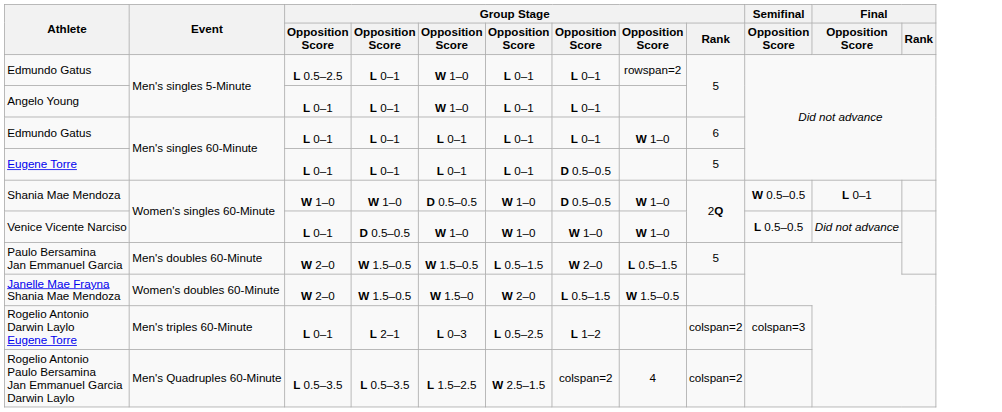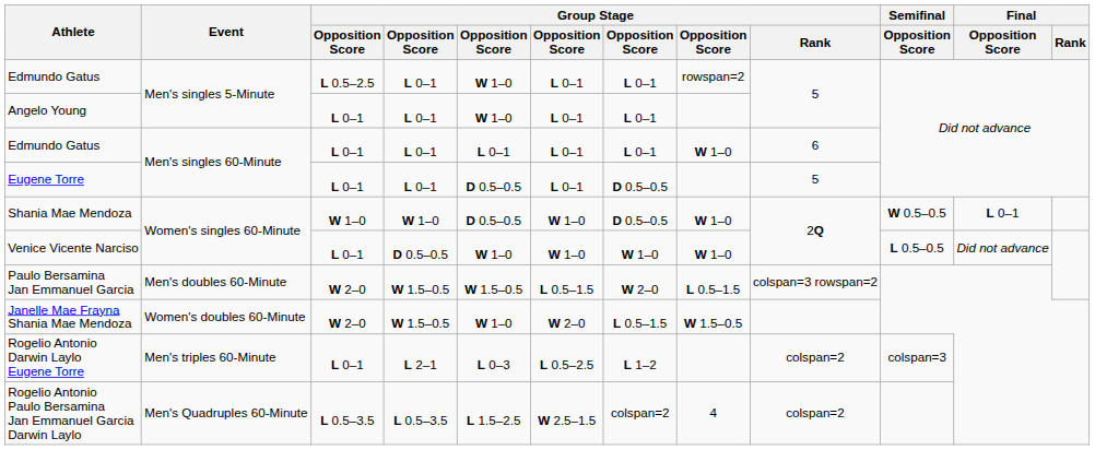 <table class="wikitable" style="font-size:90%">
 <tr>
 <th rowspan=2>Athlete</th>
 <th rowspan=2>Event</th>
 <th colspan=7>Group Stage</th>
 <th>Semifinal</th>
 <th colspan=2>Final</th>
 </tr>
 <tr style="font-size:70", align="center">
 <th>Opposition<br>Score</th>
 <th>Opposition<br>Score</th>
 <th>Opposition<br>Score</th>
 <th>Opposition<br>Score</th>
 <th>Opposition<br>Score</th>
 <th>Opposition<br>Score</th>
 <th>Rank</th>
 <th>Opposition<br>Score</th>
 <th>Opposition<br>Score</th>
 <th>Rank</th>
 </tr>
 <tr align=center>
 <td align=left>Edmundo Gatus</td>
 <td rowspan=2 align=left>Men's singles 5-Minute</td>
 <td><br><strong>L</strong> 0.5–2.5</td>
 <td><br><strong>L</strong> 0–1</td>
 <td><br><strong>W</strong> 1–0</td>
 <td><br><strong>L</strong> 0–1</td>
 <td><br><strong>L</strong> 0–1</td>
 <td>rowspan=2 </td>
 <td rowspan=2>5</td>
 <td colspan=3 rowspan=4><em>Did not advance</em></td>
 </tr>
 <tr align=center>
 <td align=left>Angelo Young</td>
 <td><br><strong>L</strong> 0–1</td>
 <td><br><strong>L</strong> 0–1</td>
 <td><br><strong>W</strong> 1–0</td>
 <td><br><strong>L</strong> 0–1</td>
 <td><br><strong>L</strong> 0–1</td>
 </tr>
 <tr align=center>
 <td align=left>Edmundo Gatus</td>
 <td rowspan=2 align=left>Men's singles 60-Minute</td>
 <td><br><strong>L</strong> 0–1</td>
 <td><br><strong>L</strong> 0–1</td>
 <td><br><strong>L</strong> 0–1</td>
 <td><br><strong>L</strong> 0–1</td>
 <td><br><strong>L</strong> 0–1</td>
 <td><br><strong>W</strong> 1–0</td>
 <td>6</td>
 </tr>
 <tr align=center>
 <td align=left><a href='#'>Eugene Torre</a></td>
 <td><br><strong>L</strong> 0–1</td>
 <td><br><strong>L</strong> 0–1</td>
-<td><br><strong>L</strong> 0–1</td>
+<td><br><strong>D</strong> 0.5–0.5</td>
 <td><br><strong>L</strong> 0–1</td>
 <td><br><strong>D</strong> 0.5–0.5</td>
 <td></td>
 <td>5</td>
 </tr>
 <tr align=center>
 <td align=left>Shania Mae Mendoza</td>
 <td rowspan=2 align=left>Women's singles 60-Minute</td>
 <td><br><strong>W</strong> 1–0</td>
 <td><br><strong>W</strong> 1–0</td>
 <td><br><strong>D</strong> 0.5–0.5</td>
 <td><br><strong>W</strong> 1–0</td>
 <td><br><strong>D</strong> 0.5–0.5</td>
 <td><br><strong>W</strong> 1–0</td>
 <td rowspan=2>2<strong>Q</strong></td>
 <td><strong>W</strong> 0.5–0.5</td>
 <td><strong>L</strong> 0–1</td>
 <td></td>
 </tr>
 <tr align=center>
 <td align=left>Venice Vicente Narciso</td>
 <td><br><strong>L</strong> 0–1</td>
 <td><br><strong>D</strong> 0.5–0.5</td>
 <td><br><strong>W</strong> 1–0</td>
 <td><br><strong>W</strong> 1–0</td>
 <td><br><strong>W</strong> 1–0</td>
 <td><br><strong>W</strong> 1–0</td>
 <td><strong>L</strong> 0.5–0.5</td>
 <td><em>Did not advance</em></td>
 <td rowspan=2></td>
 </tr>
 <tr align=center>
 <td align=left>Paulo Bersamina<br>Jan Emmanuel Garcia</td>
 <td align=left>Men's doubles 60-Minute</td>
 <td><br><strong>W</strong> 2–0</td>
 <td><br><strong>W</strong> 1.5–0.5</td>
 <td><br><strong>W</strong> 1.5–0.5</td>
 <td><br><strong>L</strong> 0.5–1.5</td>
 <td><br><strong>W</strong> 2–0</td>
 <td><br><strong>L</strong> 0.5–1.5</td>
-<td>5</td>
+<td>colspan=3 rowspan=2 </td>
 </tr>
 <tr align=center>
 <td align=left><a href='#'>Janelle Mae Frayna</a><br>Shania Mae Mendoza</td>
 <td align=left>Women's doubles 60-Minute</td>
 <td><br><strong>W</strong> 2–0</td>
 <td><br><strong>W</strong> 1.5–0.5</td>
-<td><br><strong>W</strong> 1.5–0</td>
+<td><br><strong>W</strong> 1–0</td>
 <td><br><strong>W</strong> 2–0</td>
 <td><br><strong>L</strong> 0.5–1.5</td>
 <td><br><strong>W</strong> 1.5–0.5</td>
 <td></td>
 </tr>
 <tr align=center>
 <td align=left>Rogelio Antonio<br>Darwin Laylo<br><a href='#'>Eugene Torre</a></td>
 <td align=left>Men's triples 60-Minute</td>
 <td><br><strong>L</strong> 0–1</td>
 <td><br><strong>L</strong> 2–1</td>
 <td><br><strong>L</strong> 0–3</td>
 <td><br><strong>L</strong> 0.5–2.5</td>
 <td><br><strong>L</strong> 1–2</td>
 <td></td>
 <td>colspan=2 </td>
 <td>colspan=3 </td>
 </tr>
 <tr align=center>
 <td align=left>Rogelio Antonio<br>Paulo Bersamina<br>Jan Emmanuel Garcia<br>Darwin Laylo</td>
 <td align=left>Men's Quadruples 60-Minute</td>
 <td><br><strong>L</strong> 0.5–3.5</td>
 <td><br><strong>L</strong> 0.5–3.5</td>
 <td><br><strong>L</strong> 1.5–2.5</td>
 <td><br><strong>W</strong> 2.5–1.5</td>
 <td>colspan=2 </td>
 <td>4</td>
 <td>colspan=2 </td>
 <td></td>
 </tr>
 </table>
